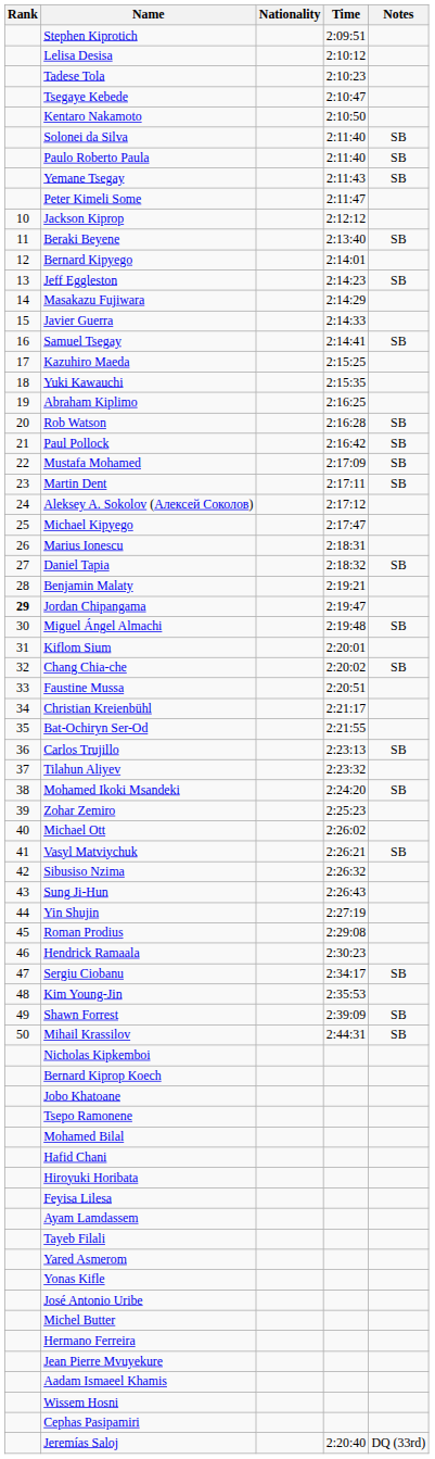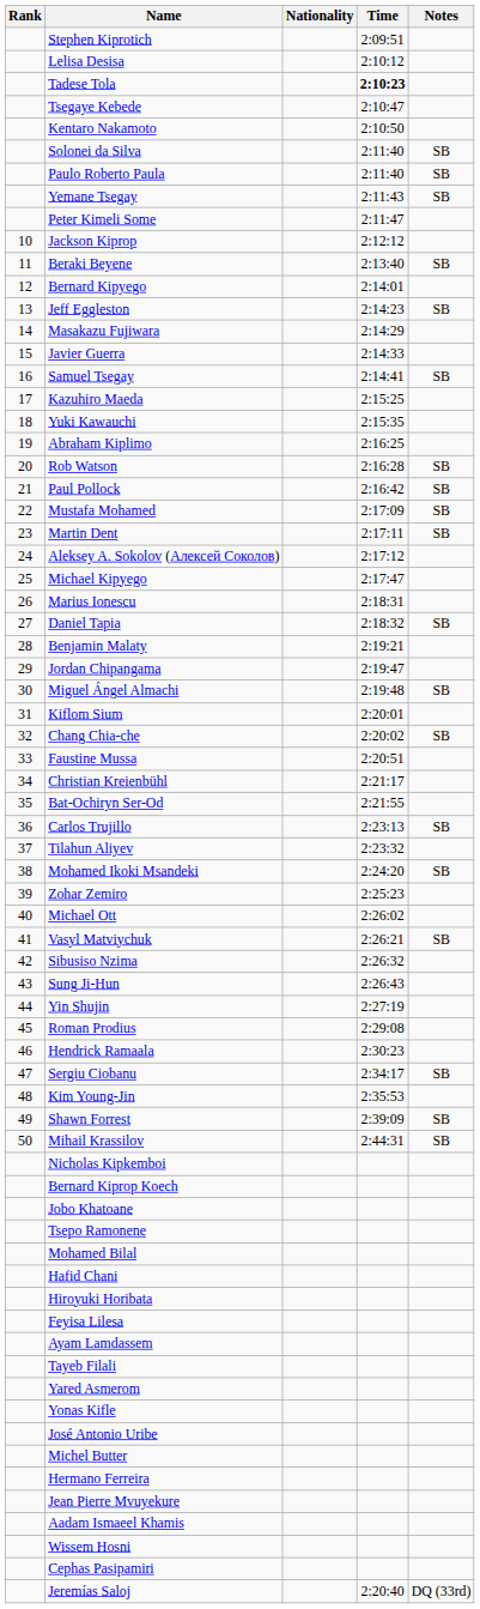 <table class="wikitable sortable" style="text-align:center">
 <tr>
 <th>Rank</th>
 <th>Name</th>
 <th>Nationality</th>
 <th>Time</th>
 <th>Notes</th>
 </tr>
 <tr>
 <td></td>
 <td align=left><a href='#'>Stephen Kiprotich</a></td>
 <td align=left></td>
 <td>2:09:51</td>
 <td></td>
 </tr>
 <tr>
 <td></td>
 <td align=left><a href='#'>Lelisa Desisa</a></td>
 <td align=left></td>
 <td>2:10:12</td>
 <td></td>
 </tr>
 <tr>
 <td></td>
 <td align=left><a href='#'>Tadese Tola</a></td>
 <td align=left></td>
-<td>2:10:23</td>
+<td><strong>2:10:23</strong></td>
 <td></td>
 </tr>
 <tr>
 <td></td>
 <td align=left><a href='#'>Tsegaye Kebede</a></td>
 <td align=left></td>
 <td>2:10:47</td>
 <td></td>
 </tr>
 <tr>
 <td></td>
 <td align=left><a href='#'>Kentaro Nakamoto</a></td>
 <td align=left></td>
 <td>2:10:50</td>
 <td></td>
 </tr>
 <tr>
 <td></td>
 <td align=left><a href='#'>Solonei da Silva</a></td>
 <td align=left></td>
 <td>2:11:40</td>
 <td>SB</td>
 </tr>
 <tr>
 <td></td>
 <td align=left><a href='#'>Paulo Roberto Paula</a></td>
 <td align=left></td>
 <td>2:11:40</td>
 <td>SB</td>
 </tr>
 <tr>
 <td></td>
 <td align=left><a href='#'>Yemane Tsegay</a></td>
 <td align=left></td>
 <td>2:11:43</td>
 <td>SB</td>
 </tr>
 <tr>
 <td></td>
 <td align=left><a href='#'>Peter Kimeli Some</a></td>
 <td align=left></td>
 <td>2:11:47</td>
 <td></td>
 </tr>
 <tr>
 <td>10</td>
 <td align=left><a href='#'>Jackson Kiprop</a></td>
 <td align=left></td>
 <td>2:12:12</td>
 <td></td>
 </tr>
 <tr>
 <td>11</td>
 <td align=left><a href='#'>Beraki Beyene</a></td>
 <td align=left></td>
 <td>2:13:40</td>
 <td>SB</td>
 </tr>
 <tr>
 <td>12</td>
 <td align=left><a href='#'>Bernard Kipyego</a></td>
 <td align=left></td>
 <td>2:14:01</td>
 <td></td>
 </tr>
 <tr>
 <td>13</td>
 <td align=left><a href='#'>Jeff Eggleston</a></td>
 <td align=left></td>
 <td>2:14:23</td>
 <td>SB</td>
 </tr>
 <tr>
 <td>14</td>
 <td align=left><a href='#'>Masakazu Fujiwara</a></td>
 <td align=left></td>
 <td>2:14:29</td>
 <td></td>
 </tr>
 <tr>
 <td>15</td>
 <td align=left><a href='#'>Javier Guerra</a></td>
 <td align=left></td>
 <td>2:14:33</td>
 <td></td>
 </tr>
 <tr>
 <td>16</td>
 <td align=left><a href='#'>Samuel Tsegay</a></td>
 <td align=left></td>
 <td>2:14:41</td>
 <td>SB</td>
 </tr>
 <tr>
 <td>17</td>
 <td align=left><a href='#'>Kazuhiro Maeda</a></td>
 <td align=left></td>
 <td>2:15:25</td>
 <td></td>
 </tr>
 <tr>
 <td>18</td>
 <td align=left><a href='#'>Yuki Kawauchi</a></td>
 <td align=left></td>
 <td>2:15:35</td>
 <td></td>
 </tr>
 <tr>
 <td>19</td>
 <td align=left><a href='#'>Abraham Kiplimo</a></td>
 <td align=left></td>
 <td>2:16:25</td>
 <td></td>
 </tr>
 <tr>
 <td>20</td>
 <td align=left><a href='#'>Rob Watson</a></td>
 <td align=left></td>
 <td>2:16:28</td>
 <td>SB</td>
 </tr>
 <tr>
 <td>21</td>
 <td align=left><a href='#'>Paul Pollock</a></td>
 <td align=left></td>
 <td>2:16:42</td>
 <td>SB</td>
 </tr>
 <tr>
 <td>22</td>
 <td align=left><a href='#'>Mustafa Mohamed</a></td>
 <td align=left></td>
 <td>2:17:09</td>
 <td>SB</td>
 </tr>
 <tr>
 <td>23</td>
 <td align=left><a href='#'>Martin Dent</a></td>
 <td align=left></td>
 <td>2:17:11</td>
 <td>SB</td>
 </tr>
 <tr>
 <td>24</td>
 <td align=left><a href='#'>Aleksey A. Sokolov</a> (<a href='#'>Алексей Соколов</a>)</td>
 <td align=left></td>
 <td>2:17:12</td>
 <td></td>
 </tr>
 <tr>
 <td>25</td>
 <td align=left><a href='#'>Michael Kipyego</a></td>
 <td align=left></td>
 <td>2:17:47</td>
 <td></td>
 </tr>
 <tr>
 <td>26</td>
 <td align=left><a href='#'>Marius Ionescu</a></td>
 <td align=left></td>
 <td>2:18:31</td>
 <td></td>
 </tr>
 <tr>
 <td>27</td>
 <td align=left><a href='#'>Daniel Tapia</a></td>
 <td align=left></td>
 <td>2:18:32</td>
 <td>SB</td>
 </tr>
 <tr>
 <td>28</td>
 <td align=left><a href='#'>Benjamin Malaty</a></td>
 <td align=left></td>
 <td>2:19:21</td>
 <td></td>
 </tr>
 <tr>
-<td><strong>29</strong></td>
+<td>29</td>
 <td align=left><a href='#'>Jordan Chipangama</a></td>
 <td align=left></td>
 <td>2:19:47</td>
 <td></td>
 </tr>
 <tr>
 <td>30</td>
 <td align=left><a href='#'>Miguel Ángel Almachi</a></td>
 <td align=left></td>
 <td>2:19:48</td>
 <td>SB</td>
 </tr>
 <tr>
 <td>31</td>
 <td align=left><a href='#'>Kiflom Sium</a></td>
 <td align=left></td>
 <td>2:20:01</td>
 <td></td>
 </tr>
 <tr>
 <td>32</td>
 <td align=left><a href='#'>Chang Chia-che</a></td>
 <td align=left></td>
 <td>2:20:02</td>
 <td>SB</td>
 </tr>
 <tr>
 <td>33</td>
 <td align=left><a href='#'>Faustine Mussa</a></td>
 <td align=left></td>
 <td>2:20:51</td>
 <td></td>
 </tr>
 <tr>
 <td>34</td>
 <td align=left><a href='#'>Christian Kreienbühl</a></td>
 <td align=left></td>
 <td>2:21:17</td>
 <td></td>
 </tr>
 <tr>
 <td>35</td>
 <td align=left><a href='#'>Bat-Ochiryn Ser-Od</a></td>
 <td align=left></td>
 <td>2:21:55</td>
 <td></td>
 </tr>
 <tr>
 <td>36</td>
 <td align=left><a href='#'>Carlos Trujillo</a></td>
 <td align=left></td>
 <td>2:23:13</td>
 <td>SB</td>
 </tr>
 <tr>
 <td>37</td>
 <td align=left><a href='#'>Tilahun Aliyev</a></td>
 <td align=left></td>
 <td>2:23:32</td>
 <td></td>
 </tr>
 <tr>
 <td>38</td>
 <td align=left><a href='#'>Mohamed Ikoki Msandeki</a></td>
 <td align=left></td>
 <td>2:24:20</td>
 <td>SB</td>
 </tr>
 <tr>
 <td>39</td>
 <td align=left><a href='#'>Zohar Zemiro</a></td>
 <td align=left></td>
 <td>2:25:23</td>
 <td></td>
 </tr>
 <tr>
 <td>40</td>
 <td align=left><a href='#'>Michael Ott</a></td>
 <td align=left></td>
 <td>2:26:02</td>
 <td></td>
 </tr>
 <tr>
 <td>41</td>
 <td align=left><a href='#'>Vasyl Matviychuk</a></td>
 <td align=left></td>
 <td>2:26:21</td>
 <td>SB</td>
 </tr>
 <tr>
 <td>42</td>
 <td align=left><a href='#'>Sibusiso Nzima</a></td>
 <td align=left></td>
 <td>2:26:32</td>
 <td></td>
 </tr>
 <tr>
 <td>43</td>
 <td align=left><a href='#'>Sung Ji-Hun</a></td>
 <td align=left></td>
 <td>2:26:43</td>
 <td></td>
 </tr>
 <tr>
 <td>44</td>
 <td align=left><a href='#'>Yin Shujin</a></td>
 <td align=left></td>
 <td>2:27:19</td>
 <td></td>
 </tr>
 <tr>
 <td>45</td>
 <td align=left><a href='#'>Roman Prodius</a></td>
 <td align=left></td>
 <td>2:29:08</td>
 <td></td>
 </tr>
 <tr>
 <td>46</td>
 <td align=left><a href='#'>Hendrick Ramaala</a></td>
 <td align=left></td>
 <td>2:30:23</td>
 <td></td>
 </tr>
 <tr>
 <td>47</td>
 <td align=left><a href='#'>Sergiu Ciobanu</a></td>
 <td align=left></td>
 <td>2:34:17</td>
 <td>SB</td>
 </tr>
 <tr>
 <td>48</td>
 <td align=left><a href='#'>Kim Young-Jin</a></td>
 <td align=left></td>
 <td>2:35:53</td>
 <td></td>
 </tr>
 <tr>
 <td>49</td>
 <td align=left><a href='#'>Shawn Forrest</a></td>
 <td align=left></td>
 <td>2:39:09</td>
 <td>SB</td>
 </tr>
 <tr>
 <td>50</td>
 <td align=left><a href='#'>Mihail Krassilov</a></td>
 <td align=left></td>
 <td>2:44:31</td>
 <td>SB</td>
 </tr>
 <tr>
 <td></td>
 <td align=left><a href='#'>Nicholas Kipkemboi</a></td>
 <td align=left></td>
 <td></td>
 <td></td>
 </tr>
 <tr>
 <td></td>
 <td align=left><a href='#'>Bernard Kiprop Koech</a></td>
 <td align=left></td>
 <td></td>
 <td></td>
 </tr>
 <tr>
 <td></td>
 <td align=left><a href='#'>Jobo Khatoane</a></td>
 <td align=left></td>
 <td></td>
 <td></td>
 </tr>
 <tr>
 <td></td>
 <td align=left><a href='#'>Tsepo Ramonene</a></td>
 <td align=left></td>
 <td></td>
 <td></td>
 </tr>
 <tr>
 <td></td>
 <td align=left><a href='#'>Mohamed Bilal</a></td>
 <td align=left></td>
 <td></td>
 <td></td>
 </tr>
 <tr>
 <td></td>
 <td align=left><a href='#'>Hafid Chani</a></td>
 <td align=left></td>
 <td></td>
 <td></td>
 </tr>
 <tr>
 <td></td>
 <td align=left><a href='#'>Hiroyuki Horibata</a></td>
 <td align=left></td>
 <td></td>
 <td></td>
 </tr>
 <tr>
 <td></td>
 <td align=left><a href='#'>Feyisa Lilesa</a></td>
 <td align=left></td>
 <td></td>
 <td></td>
 </tr>
 <tr>
 <td></td>
 <td align=left><a href='#'>Ayam Lamdassem</a></td>
 <td align=left></td>
 <td></td>
 <td></td>
 </tr>
 <tr>
 <td></td>
 <td align=left><a href='#'>Tayeb Filali</a></td>
 <td align=left></td>
 <td></td>
 <td></td>
 </tr>
 <tr>
 <td></td>
 <td align=left><a href='#'>Yared Asmerom</a></td>
 <td align=left></td>
 <td></td>
 <td></td>
 </tr>
 <tr>
 <td></td>
 <td align=left><a href='#'>Yonas Kifle</a></td>
 <td align=left></td>
 <td></td>
 <td></td>
 </tr>
 <tr>
 <td></td>
 <td align=left><a href='#'>José Antonio Uribe</a></td>
 <td align=left></td>
 <td></td>
 <td></td>
 </tr>
 <tr>
 <td></td>
 <td align=left><a href='#'>Michel Butter</a></td>
 <td align=left></td>
 <td></td>
 <td></td>
 </tr>
 <tr>
 <td></td>
 <td align=left><a href='#'>Hermano Ferreira</a></td>
 <td align=left></td>
 <td></td>
 <td></td>
 </tr>
 <tr>
 <td></td>
 <td align=left><a href='#'>Jean Pierre Mvuyekure</a></td>
 <td align=left></td>
 <td></td>
 <td></td>
 </tr>
 <tr>
 <td></td>
 <td align=left><a href='#'>Aadam Ismaeel Khamis</a></td>
 <td align=left></td>
 <td></td>
 <td></td>
 </tr>
 <tr>
 <td></td>
 <td align=left><a href='#'>Wissem Hosni</a></td>
 <td align=left></td>
 <td></td>
 <td></td>
 </tr>
 <tr>
 <td></td>
 <td align=left><a href='#'>Cephas Pasipamiri</a></td>
 <td align=left></td>
 <td></td>
 <td></td>
 </tr>
 <tr>
 <td></td>
 <td align=left><a href='#'>Jeremías Saloj</a></td>
 <td align=left></td>
 <td>2:20:40</td>
 <td>DQ (33rd)</td>
 </tr>
 </table>
